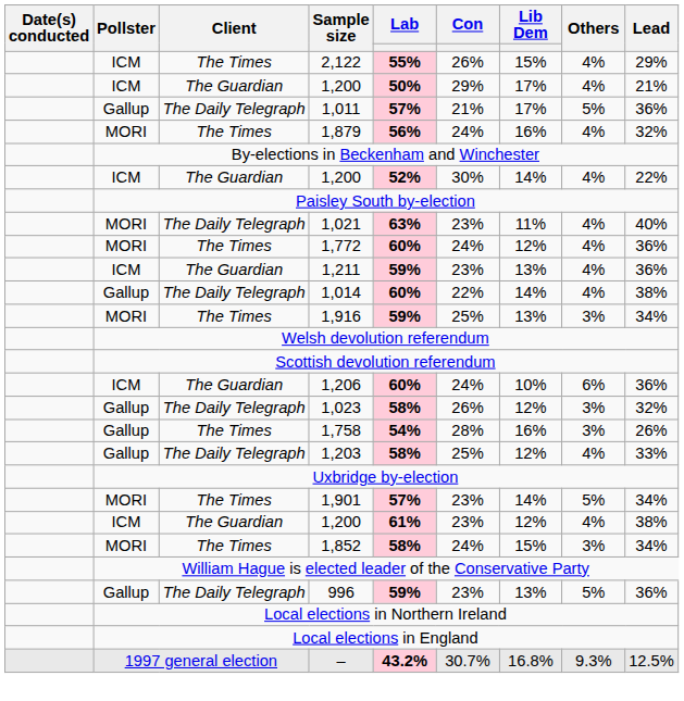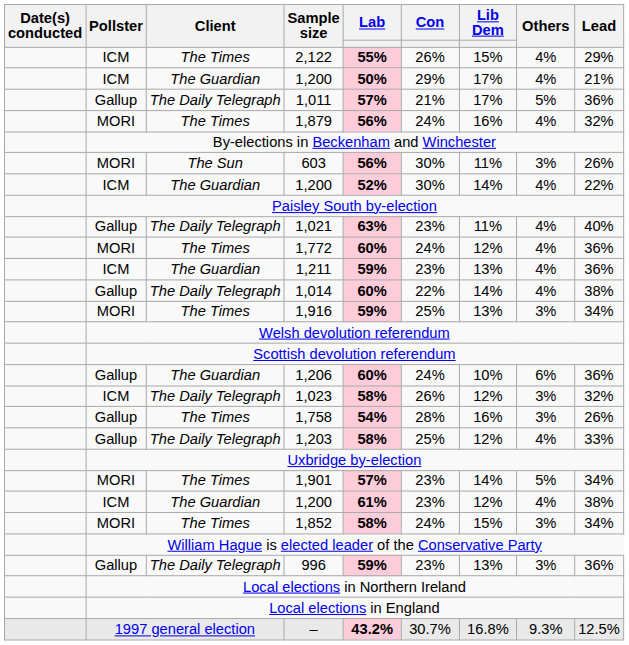 <table class="wikitable sortable mw-datatable" style="text-align:center;font-size:90%;line-height:14px;">
 <tr>
 <th rowspan="2">Date(s)<br>conducted</th>
 <th rowspan="2">Pollster</th>
 <th rowspan="2">Client</th>
 <th rowspan="2" data-sort-type="number">Sample<br>size</th>
 <th class="unsortable" style="width:50px;"><a href='#'>Lab</a></th>
 <th class="unsortable" style="width:50px;"><a href='#'>Con</a></th>
 <th class="unsortable" style="width:50px;"><a href='#'>Lib Dem</a></th>
 <th rowspan="2" class="unsortable" style="width:50px;">Others</th>
 <th rowspan="2" data-sort-type="number">Lead</th>
 </tr>
 <tr>
 <th data-sort-type="number" style="background:"></th>
 <th data-sort-type="number" style="background:"></th>
 <th data-sort-type="number" style="background:"></th>
 </tr>
 <tr>
 <td></td>
 <td>ICM</td>
 <td><em>The Times</em></td>
 <td>2,122</td>
 <td style="background:#FFCCDA;"><strong>55%</strong></td>
 <td>26%</td>
 <td>15%</td>
 <td>4%</td>
 <td style="background:">29%</td>
 </tr>
 <tr>
 <td></td>
 <td>ICM</td>
 <td><em>The Guardian</em></td>
 <td>1,200</td>
 <td style="background:#FFCCDA;"><strong>50%</strong></td>
 <td>29%</td>
 <td>17%</td>
 <td>4%</td>
 <td style="background:">21%</td>
 </tr>
 <tr>
 <td></td>
 <td>Gallup</td>
 <td><em>The Daily Telegraph</em></td>
 <td>1,011</td>
 <td style="background:#FFCCDA;"><strong>57%</strong></td>
 <td>21%</td>
 <td>17%</td>
 <td>5%</td>
 <td style="background:">36%</td>
 </tr>
 <tr>
 <td></td>
 <td>MORI</td>
 <td><em>The Times</em></td>
 <td>1,879</td>
 <td style="background:#FFCCDA;"><strong>56%</strong></td>
 <td>24%</td>
 <td>16%</td>
 <td>4%</td>
 <td style="background:">32%</td>
 </tr>
 <tr>
 <td></td>
 <td colspan=8>By-elections in <a href='#'>Beckenham</a> and <a href='#'>Winchester</a></td>
 </tr>
 <tr>
 <td></td>
+<td>MORI</td>
+<td><em>The Sun</em></td>
+<td>603</td>
+<td style="background:#FFCCDA;"><strong>56%</strong></td>
+<td>30%</td>
+<td>11%</td>
+<td>3%</td>
+<td style="background:">26%</td>
+</tr>
+<tr>
+<td></td>
 <td>ICM</td>
 <td><em>The Guardian</em></td>
 <td>1,200</td>
 <td style="background:#FFCCDA;"><strong>52%</strong></td>
 <td>30%</td>
 <td>14%</td>
 <td>4%</td>
 <td style="background:">22%</td>
 </tr>
 <tr>
 <td></td>
 <td colspan=8><a href='#'>Paisley South by-election</a></td>
 </tr>
 <tr>
 <td></td>
-<td>MORI</td>
+<td>Gallup</td>
 <td><em>The Daily Telegraph</em></td>
 <td>1,021</td>
 <td style="background:#FFCCDA;"><strong>63%</strong></td>
 <td>23%</td>
 <td>11%</td>
 <td>4%</td>
 <td style="background:">40%</td>
 </tr>
 <tr>
 <td></td>
 <td>MORI</td>
 <td><em>The Times</em></td>
 <td>1,772</td>
 <td style="background:#FFCCDA;"><strong>60%</strong></td>
 <td>24%</td>
 <td>12%</td>
 <td>4%</td>
 <td style="background:">36%</td>
 </tr>
 <tr>
 <td></td>
 <td>ICM</td>
 <td><em>The Guardian</em></td>
 <td>1,211</td>
 <td style="background:#FFCCDA;"><strong>59%</strong></td>
 <td>23%</td>
 <td>13%</td>
 <td>4%</td>
 <td style="background:">36%</td>
 </tr>
 <tr>
 <td></td>
 <td>Gallup</td>
 <td><em>The Daily Telegraph</em></td>
 <td>1,014</td>
 <td style="background:#FFCCDA;"><strong>60%</strong></td>
 <td>22%</td>
 <td>14%</td>
 <td>4%</td>
 <td style="background:">38%</td>
 </tr>
 <tr>
 <td></td>
 <td>MORI</td>
 <td><em>The Times</em></td>
 <td>1,916</td>
 <td style="background:#FFCCDA;"><strong>59%</strong></td>
 <td>25%</td>
 <td>13%</td>
 <td>3%</td>
 <td style="background:">34%</td>
 </tr>
 <tr>
 <td></td>
 <td colspan=8><a href='#'>Welsh devolution referendum</a></td>
 </tr>
 <tr>
 <td></td>
 <td colspan=8><a href='#'>Scottish devolution referendum</a></td>
 </tr>
 <tr>
 <td></td>
-<td>ICM</td>
+<td>Gallup</td>
 <td><em>The Guardian</em></td>
 <td>1,206</td>
 <td style="background:#FFCCDA;"><strong>60%</strong></td>
 <td>24%</td>
 <td>10%</td>
 <td>6%</td>
 <td style="background:">36%</td>
 </tr>
 <tr>
 <td></td>
-<td>Gallup</td>
+<td>ICM</td>
 <td><em>The Daily Telegraph</em></td>
 <td>1,023</td>
 <td style="background:#FFCCDA;"><strong>58%</strong></td>
 <td>26%</td>
 <td>12%</td>
 <td>3%</td>
 <td style="background:">32%</td>
 </tr>
 <tr>
 <td></td>
 <td>Gallup</td>
 <td><em>The Times</em></td>
 <td>1,758</td>
 <td style="background:#FFCCDA;"><strong>54%</strong></td>
 <td>28%</td>
 <td>16%</td>
 <td>3%</td>
 <td style="background:">26%</td>
 </tr>
 <tr>
 <td></td>
 <td>Gallup</td>
 <td><em>The Daily Telegraph</em></td>
 <td>1,203</td>
 <td style="background:#FFCCDA;"><strong>58%</strong></td>
 <td>25%</td>
 <td>12%</td>
 <td>4%</td>
 <td style="background:">33%</td>
 </tr>
 <tr>
 <td></td>
 <td colspan=8><a href='#'>Uxbridge by-election</a></td>
 </tr>
 <tr>
 <td></td>
 <td>MORI</td>
 <td><em>The Times</em></td>
 <td>1,901</td>
 <td style="background:#FFCCDA;"><strong>57%</strong></td>
 <td>23%</td>
 <td>14%</td>
 <td>5%</td>
 <td style="background:">34%</td>
 </tr>
 <tr>
 <td></td>
 <td>ICM</td>
 <td><em>The Guardian</em></td>
 <td>1,200</td>
 <td style="background:#FFCCDA;"><strong>61%</strong></td>
 <td>23%</td>
 <td>12%</td>
 <td>4%</td>
 <td style="background:">38%</td>
 </tr>
 <tr>
 <td></td>
 <td>MORI</td>
 <td><em>The Times</em></td>
 <td>1,852</td>
 <td style="background:#FFCCDA;"><strong>58%</strong></td>
 <td>24%</td>
 <td>15%</td>
 <td>3%</td>
 <td style="background:">34%</td>
 </tr>
 <tr>
 <td></td>
 <td colspan="8" style="border-right-style:hidden;"><a href='#'>William Hague</a> is <a href='#'>elected leader</a> of the <a href='#'>Conservative Party</a></td>
 </tr>
 <tr>
 <td></td>
 <td>Gallup</td>
 <td><em>The Daily Telegraph</em></td>
 <td>996</td>
 <td style="background:#FFCCDA;"><strong>59%</strong></td>
 <td>23%</td>
 <td>13%</td>
-<td>5%</td>
+<td>3%</td>
 <td style="background:">36%</td>
 </tr>
 <tr>
 <td></td>
 <td colspan=8><a href='#'>Local elections</a> in Northern Ireland</td>
 </tr>
 <tr>
 <td></td>
 <td colspan=8><a href='#'>Local elections</a> in England</td>
 </tr>
 <tr style="background:#E9E9E9;">
 <td></td>
 <td colspan="2"><a href='#'>1997 general election</a></td>
 <td>–</td>
 <td style="background:#FFCCDA;"><strong>43.2%</strong></td>
 <td>30.7%</td>
 <td>16.8%</td>
 <td>9.3%</td>
 <td style="background:">12.5%</td>
 </tr>
 </table>
